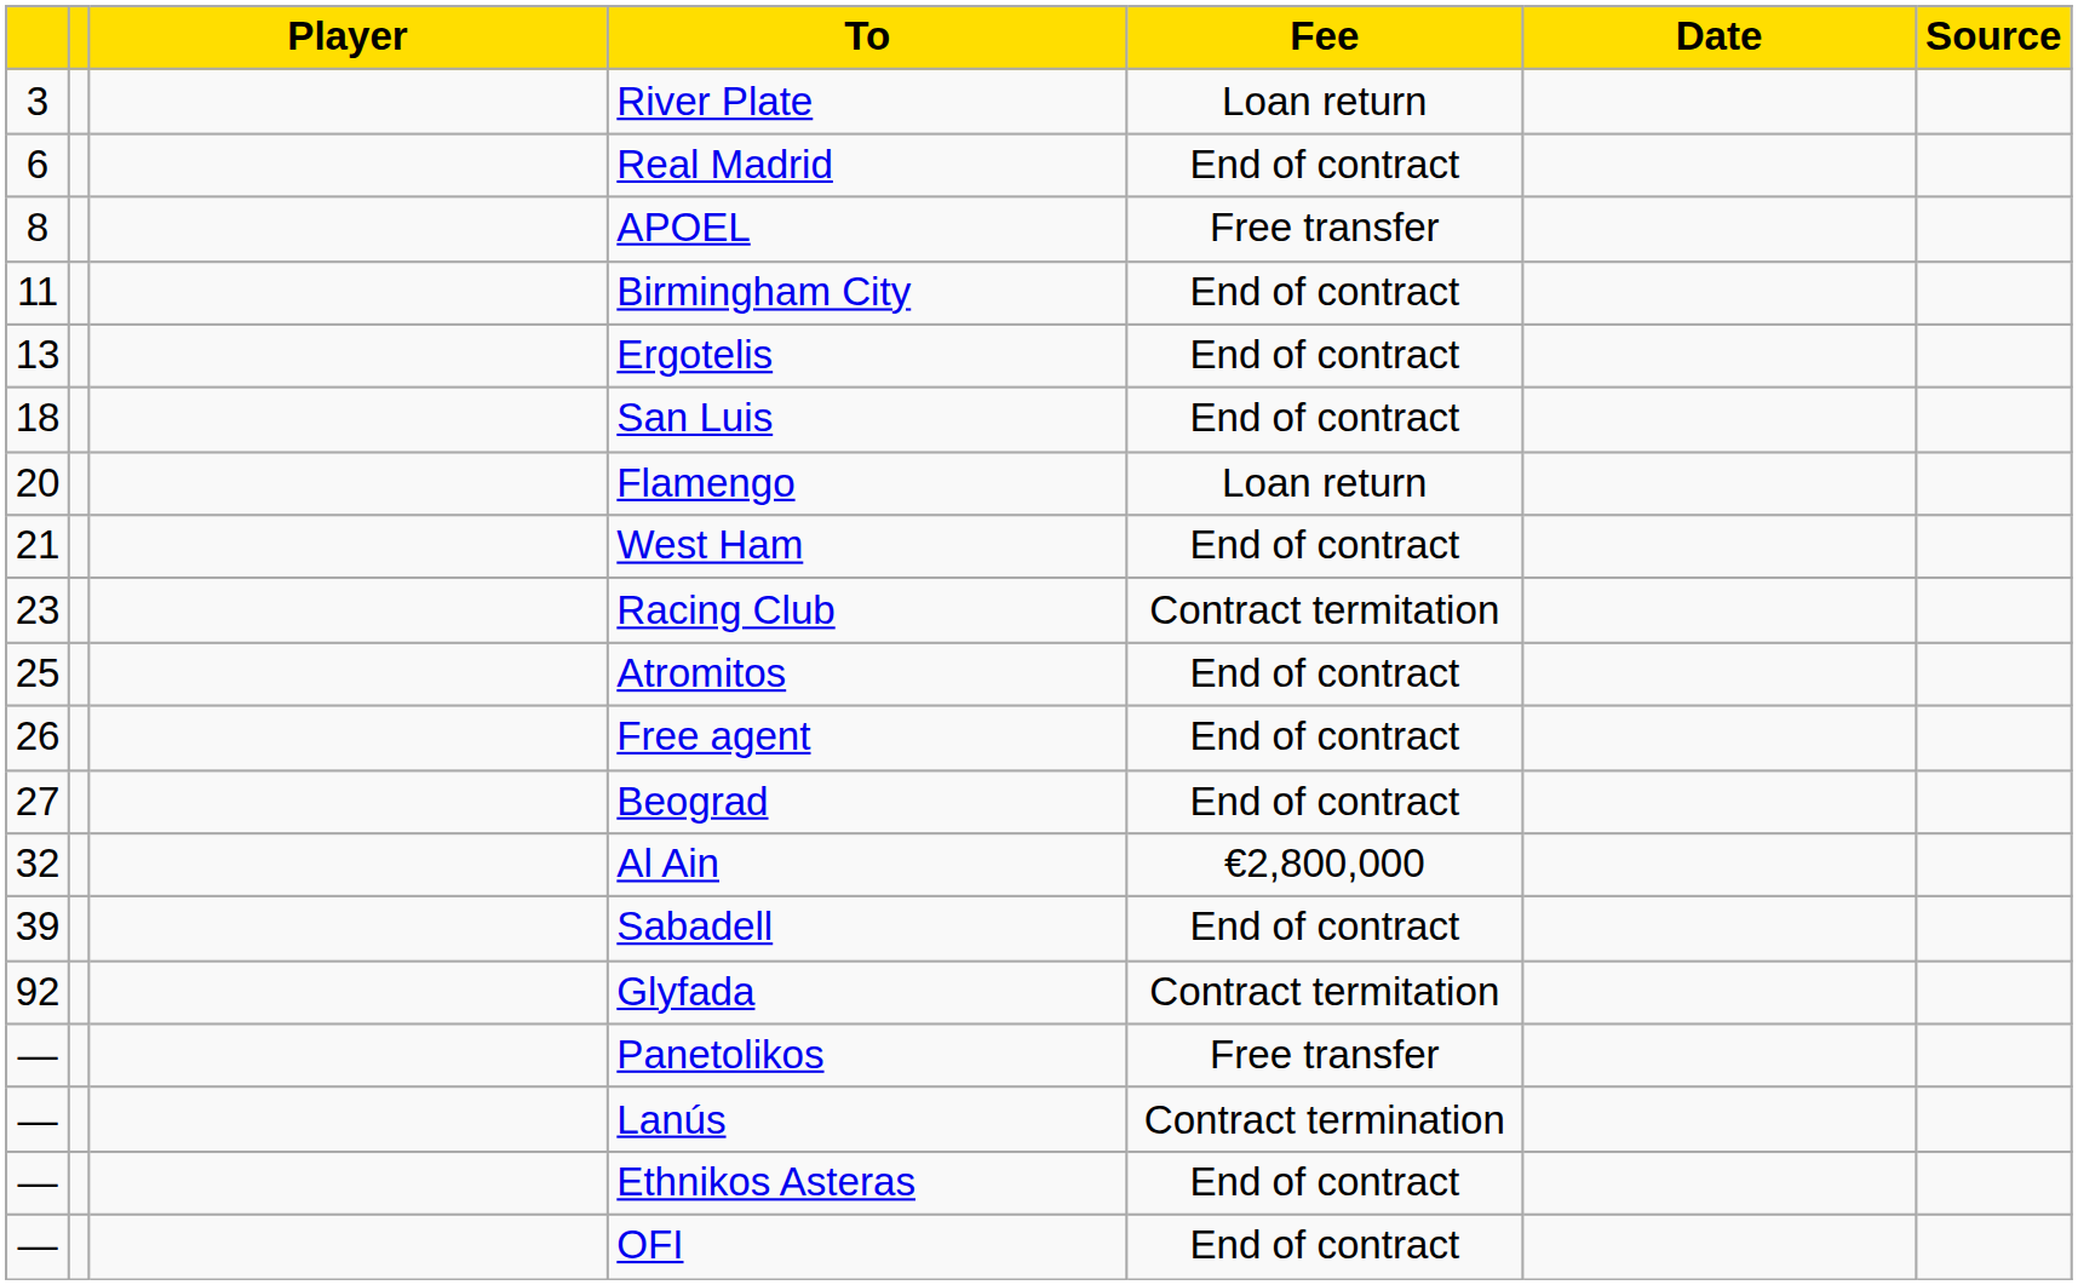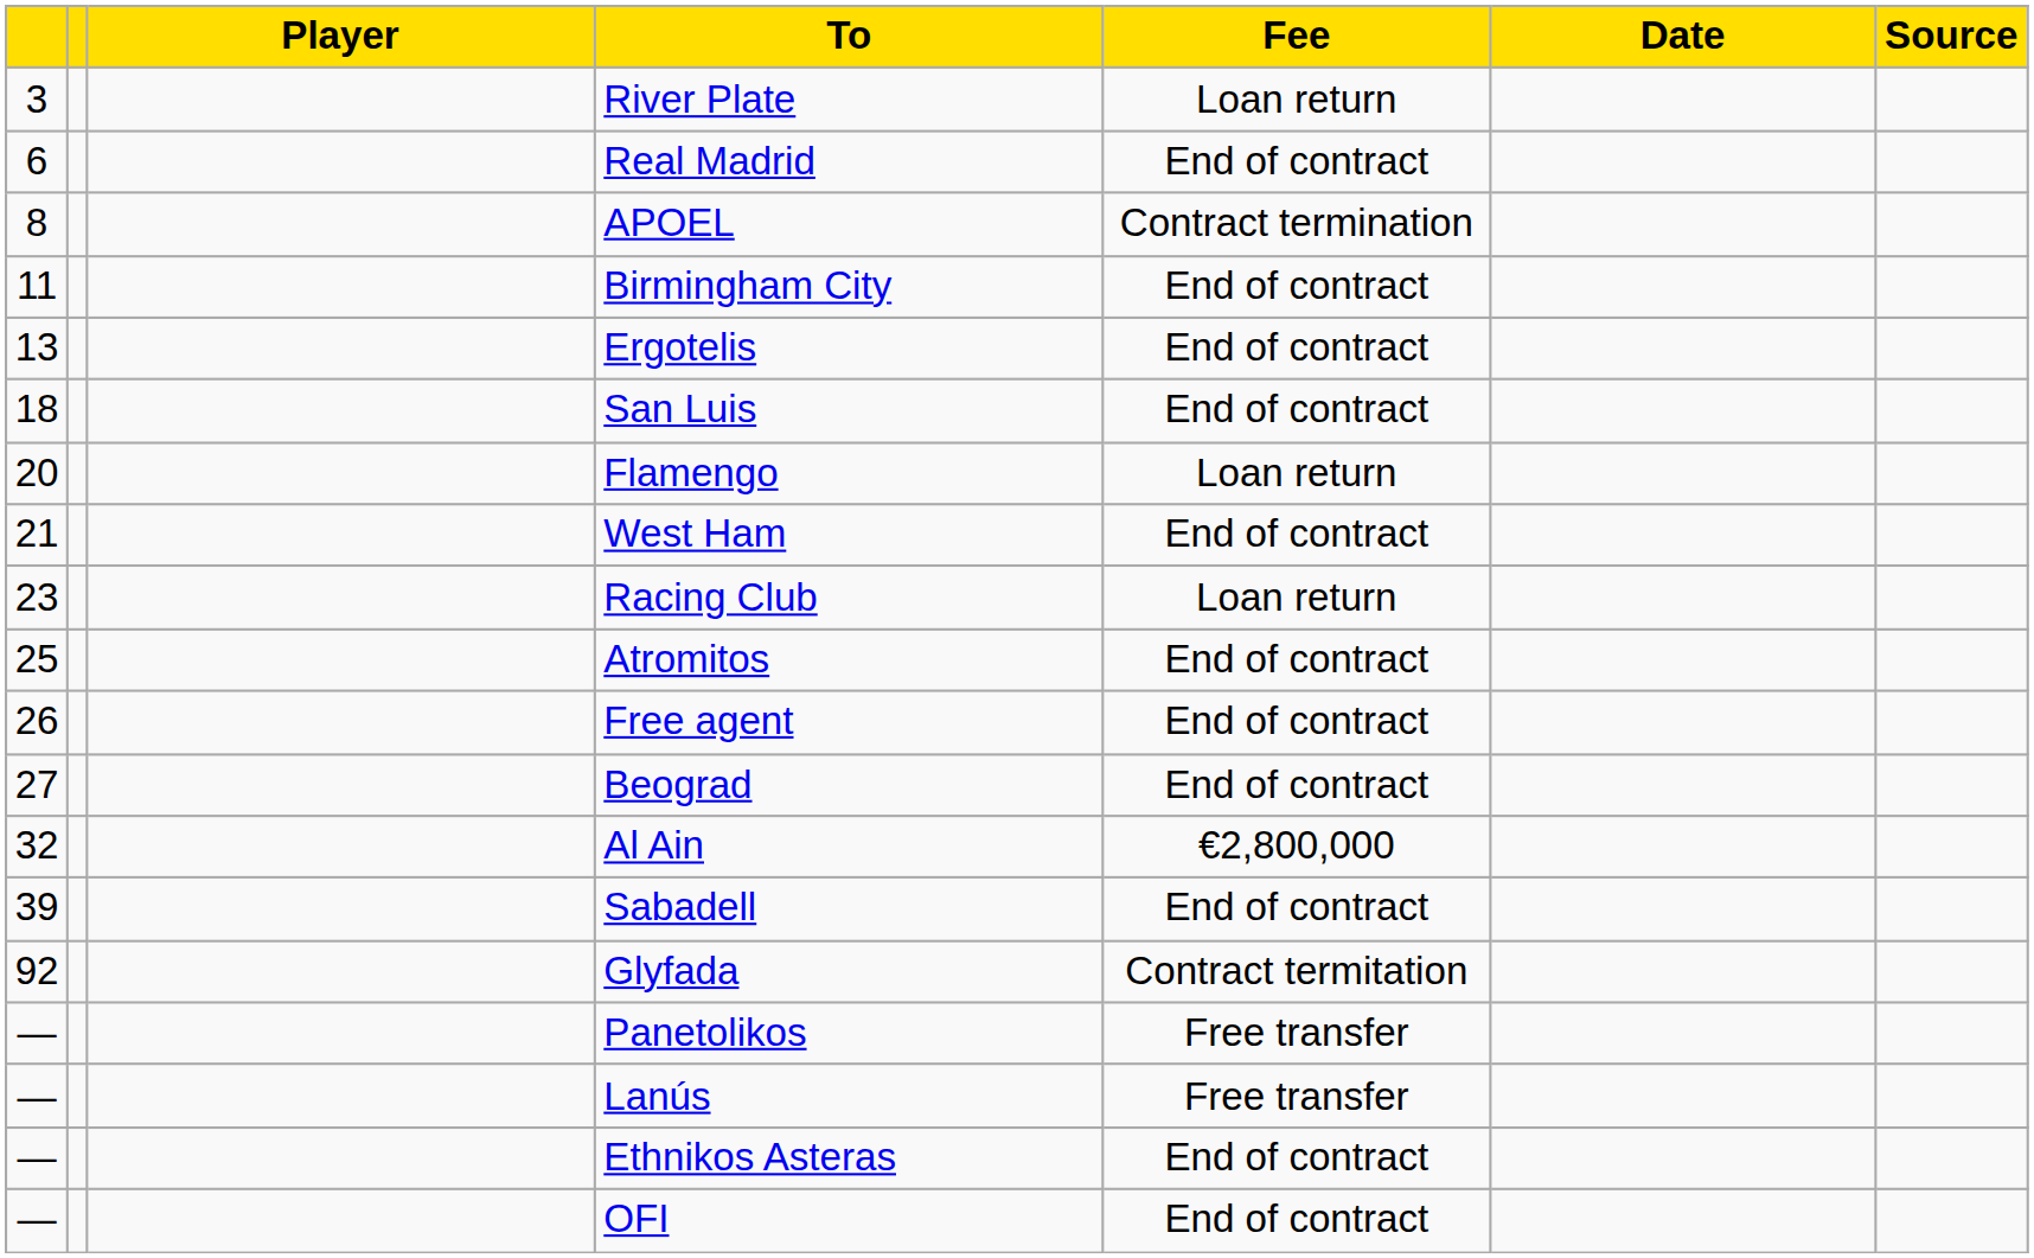 <table class="wikitable sortable">
 <tr>
 <th style="background:#FFDE00"></th>
 <th style="background:#FFDE00"></th>
 <th width=200 style="background:#FFDE00">Player</th>
 <th width=200 style="background:#FFDE00">To</th>
 <th width=150 style="background:#FFDE00">Fee</th>
 <th width=150 style="background:#FFDE00">Date</th>
 <th style="background:#FFDE00">Source</th>
 </tr>
 <tr>
 <td align=center>3</td>
 <td align=center></td>
 <td></td>
 <td> <a href='#'>River Plate</a></td>
 <td align=center>Loan return</td>
 <td align=center></td>
 <td align=center></td>
 </tr>
 <tr>
 <td align=center>6</td>
 <td align=center></td>
 <td></td>
 <td> <a href='#'>Real Madrid</a></td>
 <td align=center>End of contract</td>
 <td align=center></td>
 <td align=center></td>
 </tr>
 <tr>
 <td align=center>8</td>
 <td align=center></td>
 <td></td>
 <td> <a href='#'>APOEL</a></td>
-<td align=center>Free transfer</td>
+<td align=center>Contract termination</td>
 <td align=center></td>
 <td align=center></td>
 </tr>
 <tr>
 <td align=center>11</td>
 <td align=center></td>
 <td></td>
 <td> <a href='#'>Birmingham City</a></td>
 <td align=center>End of contract</td>
 <td align=center></td>
 <td align=center></td>
 </tr>
 <tr>
 <td align=center>13</td>
 <td align=center></td>
 <td></td>
 <td> <a href='#'>Ergotelis</a></td>
 <td align=center>End of contract</td>
 <td align=center></td>
 <td align=center></td>
 </tr>
 <tr>
 <td align=center>18</td>
 <td align=center></td>
 <td></td>
 <td> <a href='#'>San Luis</a></td>
 <td align=center>End of contract</td>
 <td align=center></td>
 <td align=center></td>
 </tr>
 <tr>
 <td align=center>20</td>
 <td align=center></td>
 <td></td>
 <td> <a href='#'>Flamengo</a></td>
 <td align=center>Loan return</td>
 <td align=center></td>
 <td align=center></td>
 </tr>
 <tr>
 <td align=center>21</td>
 <td align=center></td>
 <td></td>
 <td> <a href='#'>West Ham</a></td>
 <td align=center>End of contract</td>
 <td align=center></td>
 <td align=center></td>
 </tr>
 <tr>
 <td align=center>23</td>
 <td align=center></td>
 <td></td>
 <td> <a href='#'>Racing Club</a></td>
-<td align=center>Contract termitation</td>
+<td align=center>Loan return</td>
 <td align=center></td>
 <td align=center></td>
 </tr>
 <tr>
 <td align=center>25</td>
 <td align=center></td>
 <td></td>
 <td> <a href='#'>Atromitos</a></td>
 <td align=center>End of contract</td>
 <td align=center></td>
 <td align=center></td>
 </tr>
 <tr>
 <td align=center>26</td>
 <td align=center></td>
 <td></td>
 <td><a href='#'>Free agent</a></td>
 <td align=center>End of contract</td>
 <td align=center></td>
 <td align=center></td>
 </tr>
 <tr>
 <td align=center>27</td>
 <td align=center></td>
 <td></td>
 <td> <a href='#'>Beograd</a></td>
 <td align=center>End of contract</td>
 <td align=center></td>
 <td align=center></td>
 </tr>
 <tr>
 <td align=center>32</td>
 <td align=center></td>
 <td></td>
 <td> <a href='#'>Al Ain</a></td>
 <td align=center>€2,800,000</td>
 <td align=center></td>
 <td align=center></td>
 </tr>
 <tr>
 <td align=center>39</td>
 <td align=center></td>
 <td></td>
 <td> <a href='#'>Sabadell</a></td>
 <td align=center>End of contract</td>
 <td align=center></td>
 <td align=center></td>
 </tr>
 <tr>
 <td align=center>92</td>
 <td align=center></td>
 <td></td>
 <td> <a href='#'>Glyfada</a></td>
 <td align=center>Contract termitation</td>
 <td align=center></td>
 <td align=center></td>
 </tr>
 <tr>
 <td align=center>—</td>
 <td align=center></td>
 <td></td>
 <td> <a href='#'>Panetolikos</a></td>
 <td align=center>Free transfer</td>
 <td align=center></td>
 <td align=center></td>
 </tr>
 <tr>
 <td align=center>—</td>
 <td align=center></td>
 <td></td>
 <td> <a href='#'>Lanús</a></td>
-<td align=center>Contract termination</td>
+<td align=center>Free transfer</td>
 <td align=center></td>
 <td align=center></td>
 </tr>
 <tr>
 <td align=center>—</td>
 <td align=center></td>
 <td></td>
 <td> <a href='#'>Ethnikos Asteras</a></td>
 <td align=center>End of contract</td>
 <td align=center></td>
 <td align=center></td>
 </tr>
 <tr>
 <td align=center>—</td>
 <td align=center></td>
 <td></td>
 <td> <a href='#'>OFI</a></td>
 <td align=center>End of contract</td>
 <td align=center></td>
 <td align=center></td>
 </tr>
 </table>
